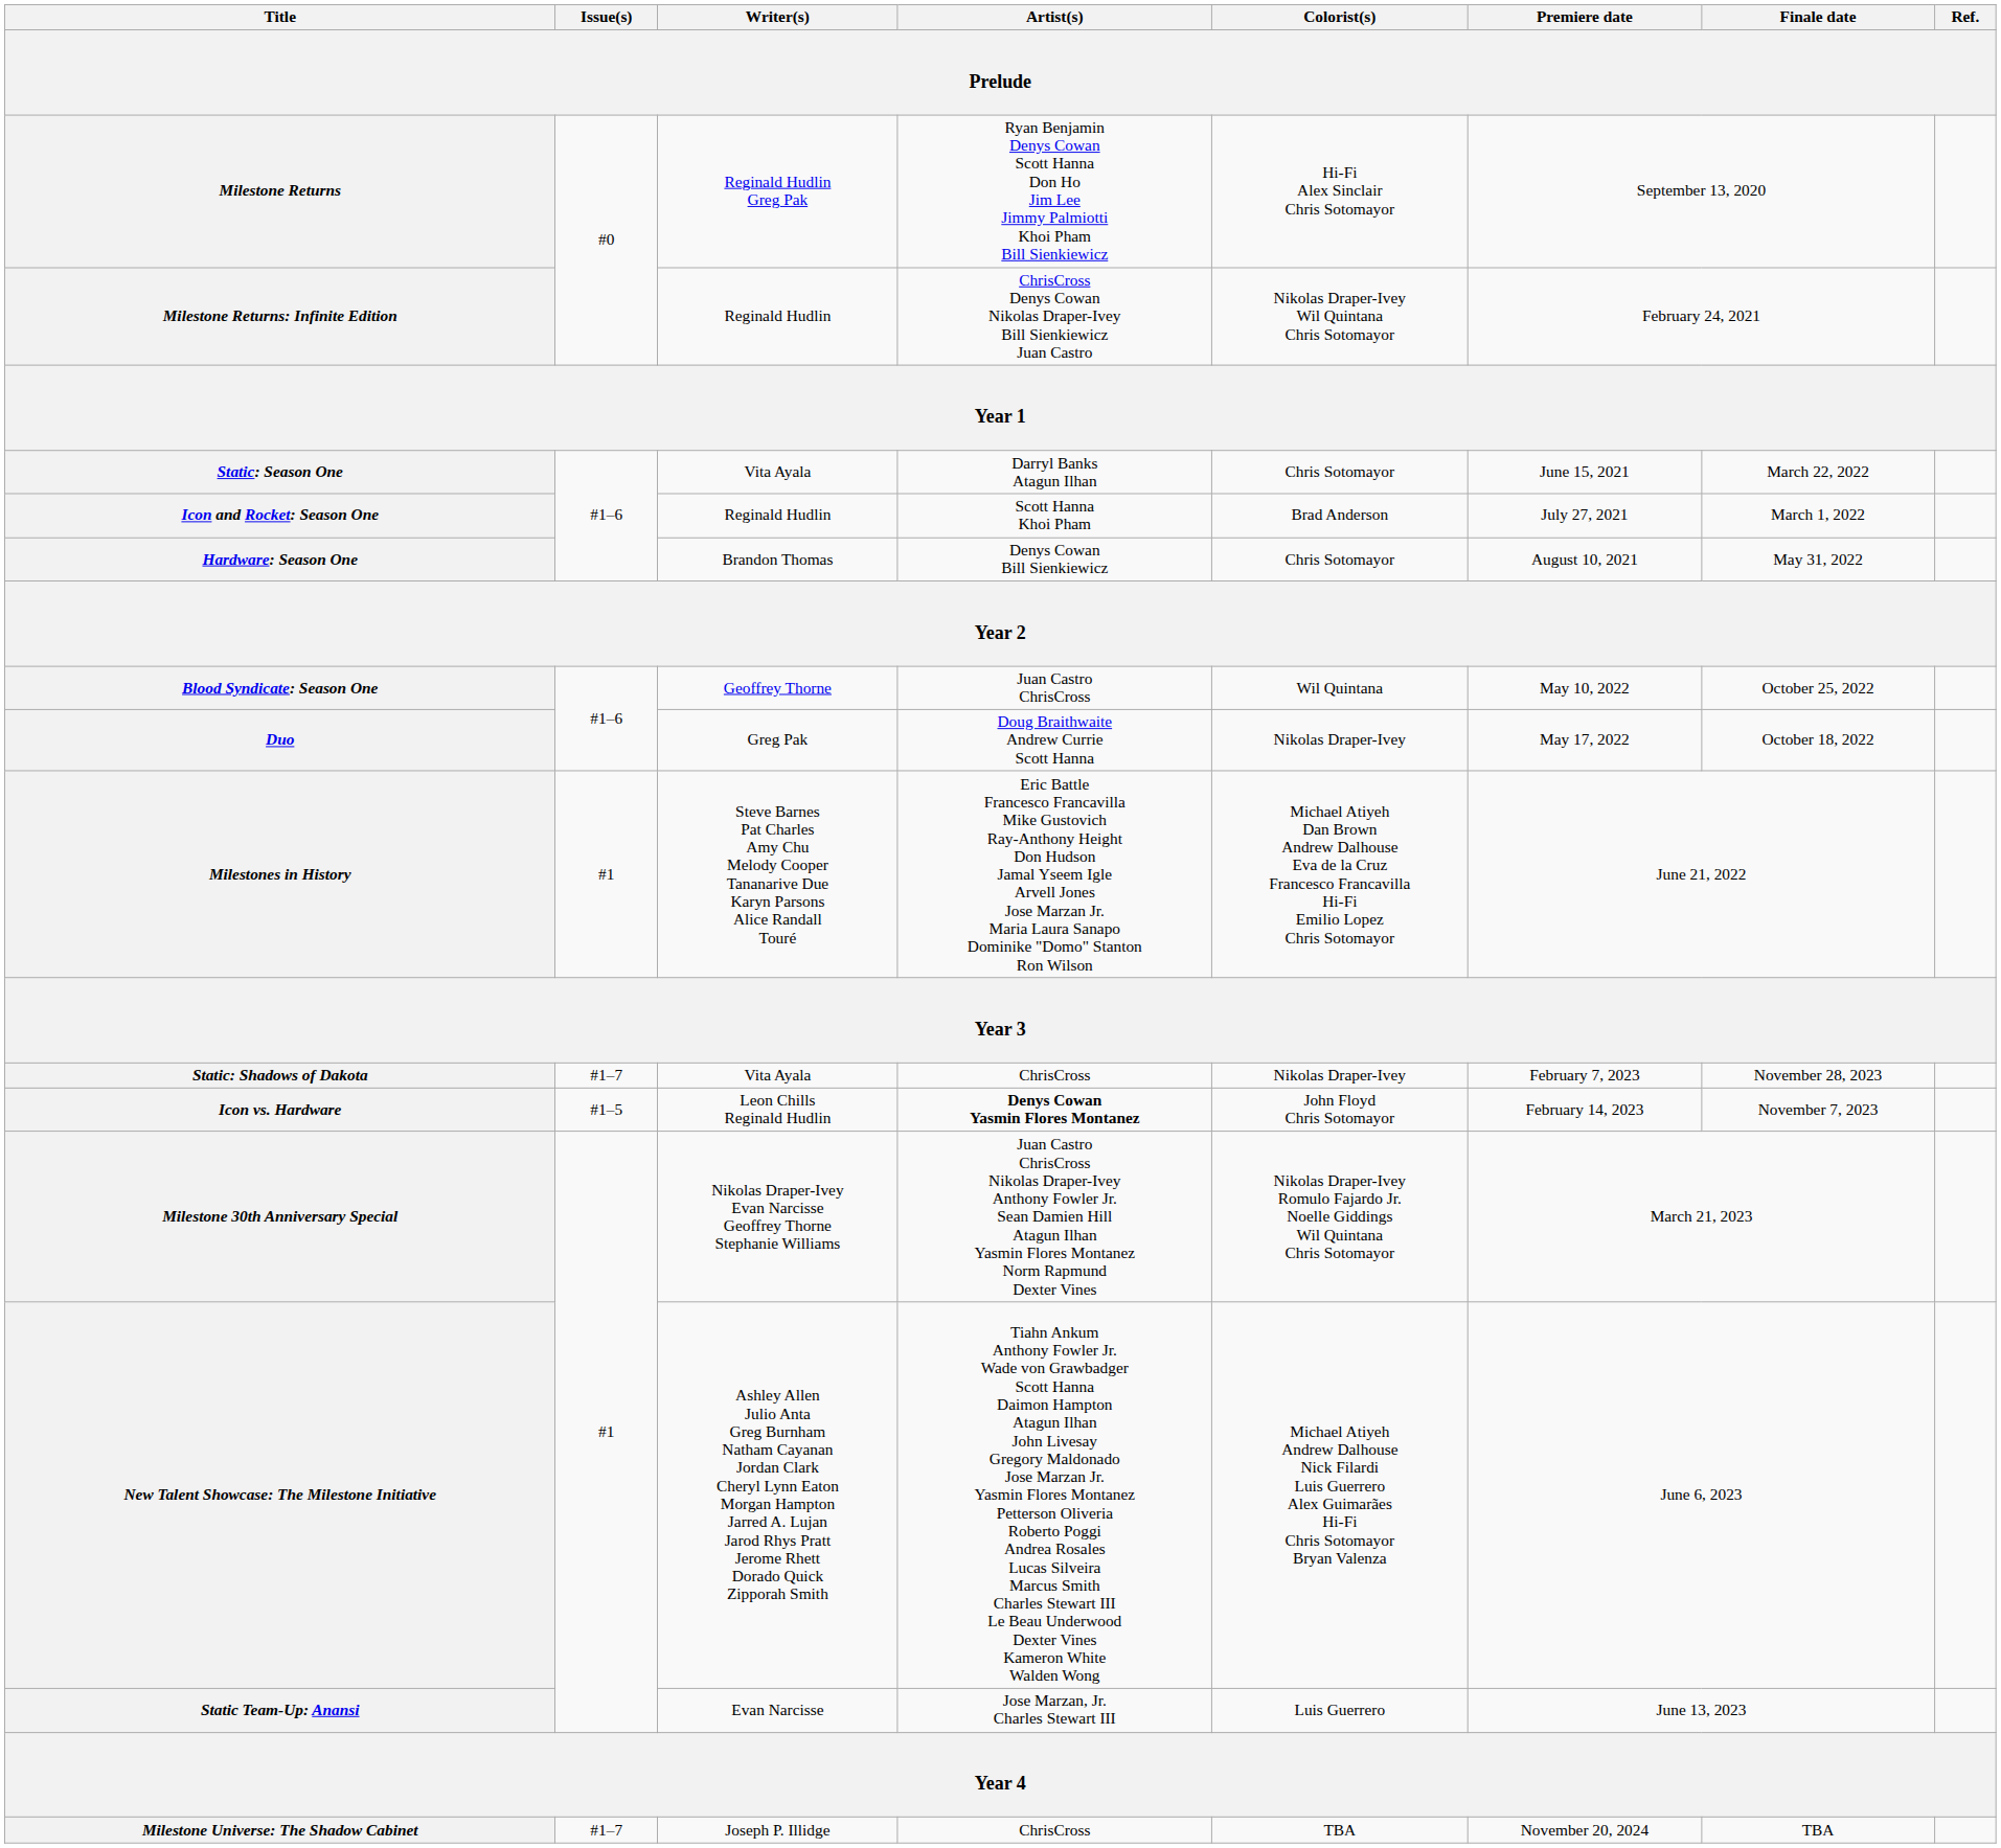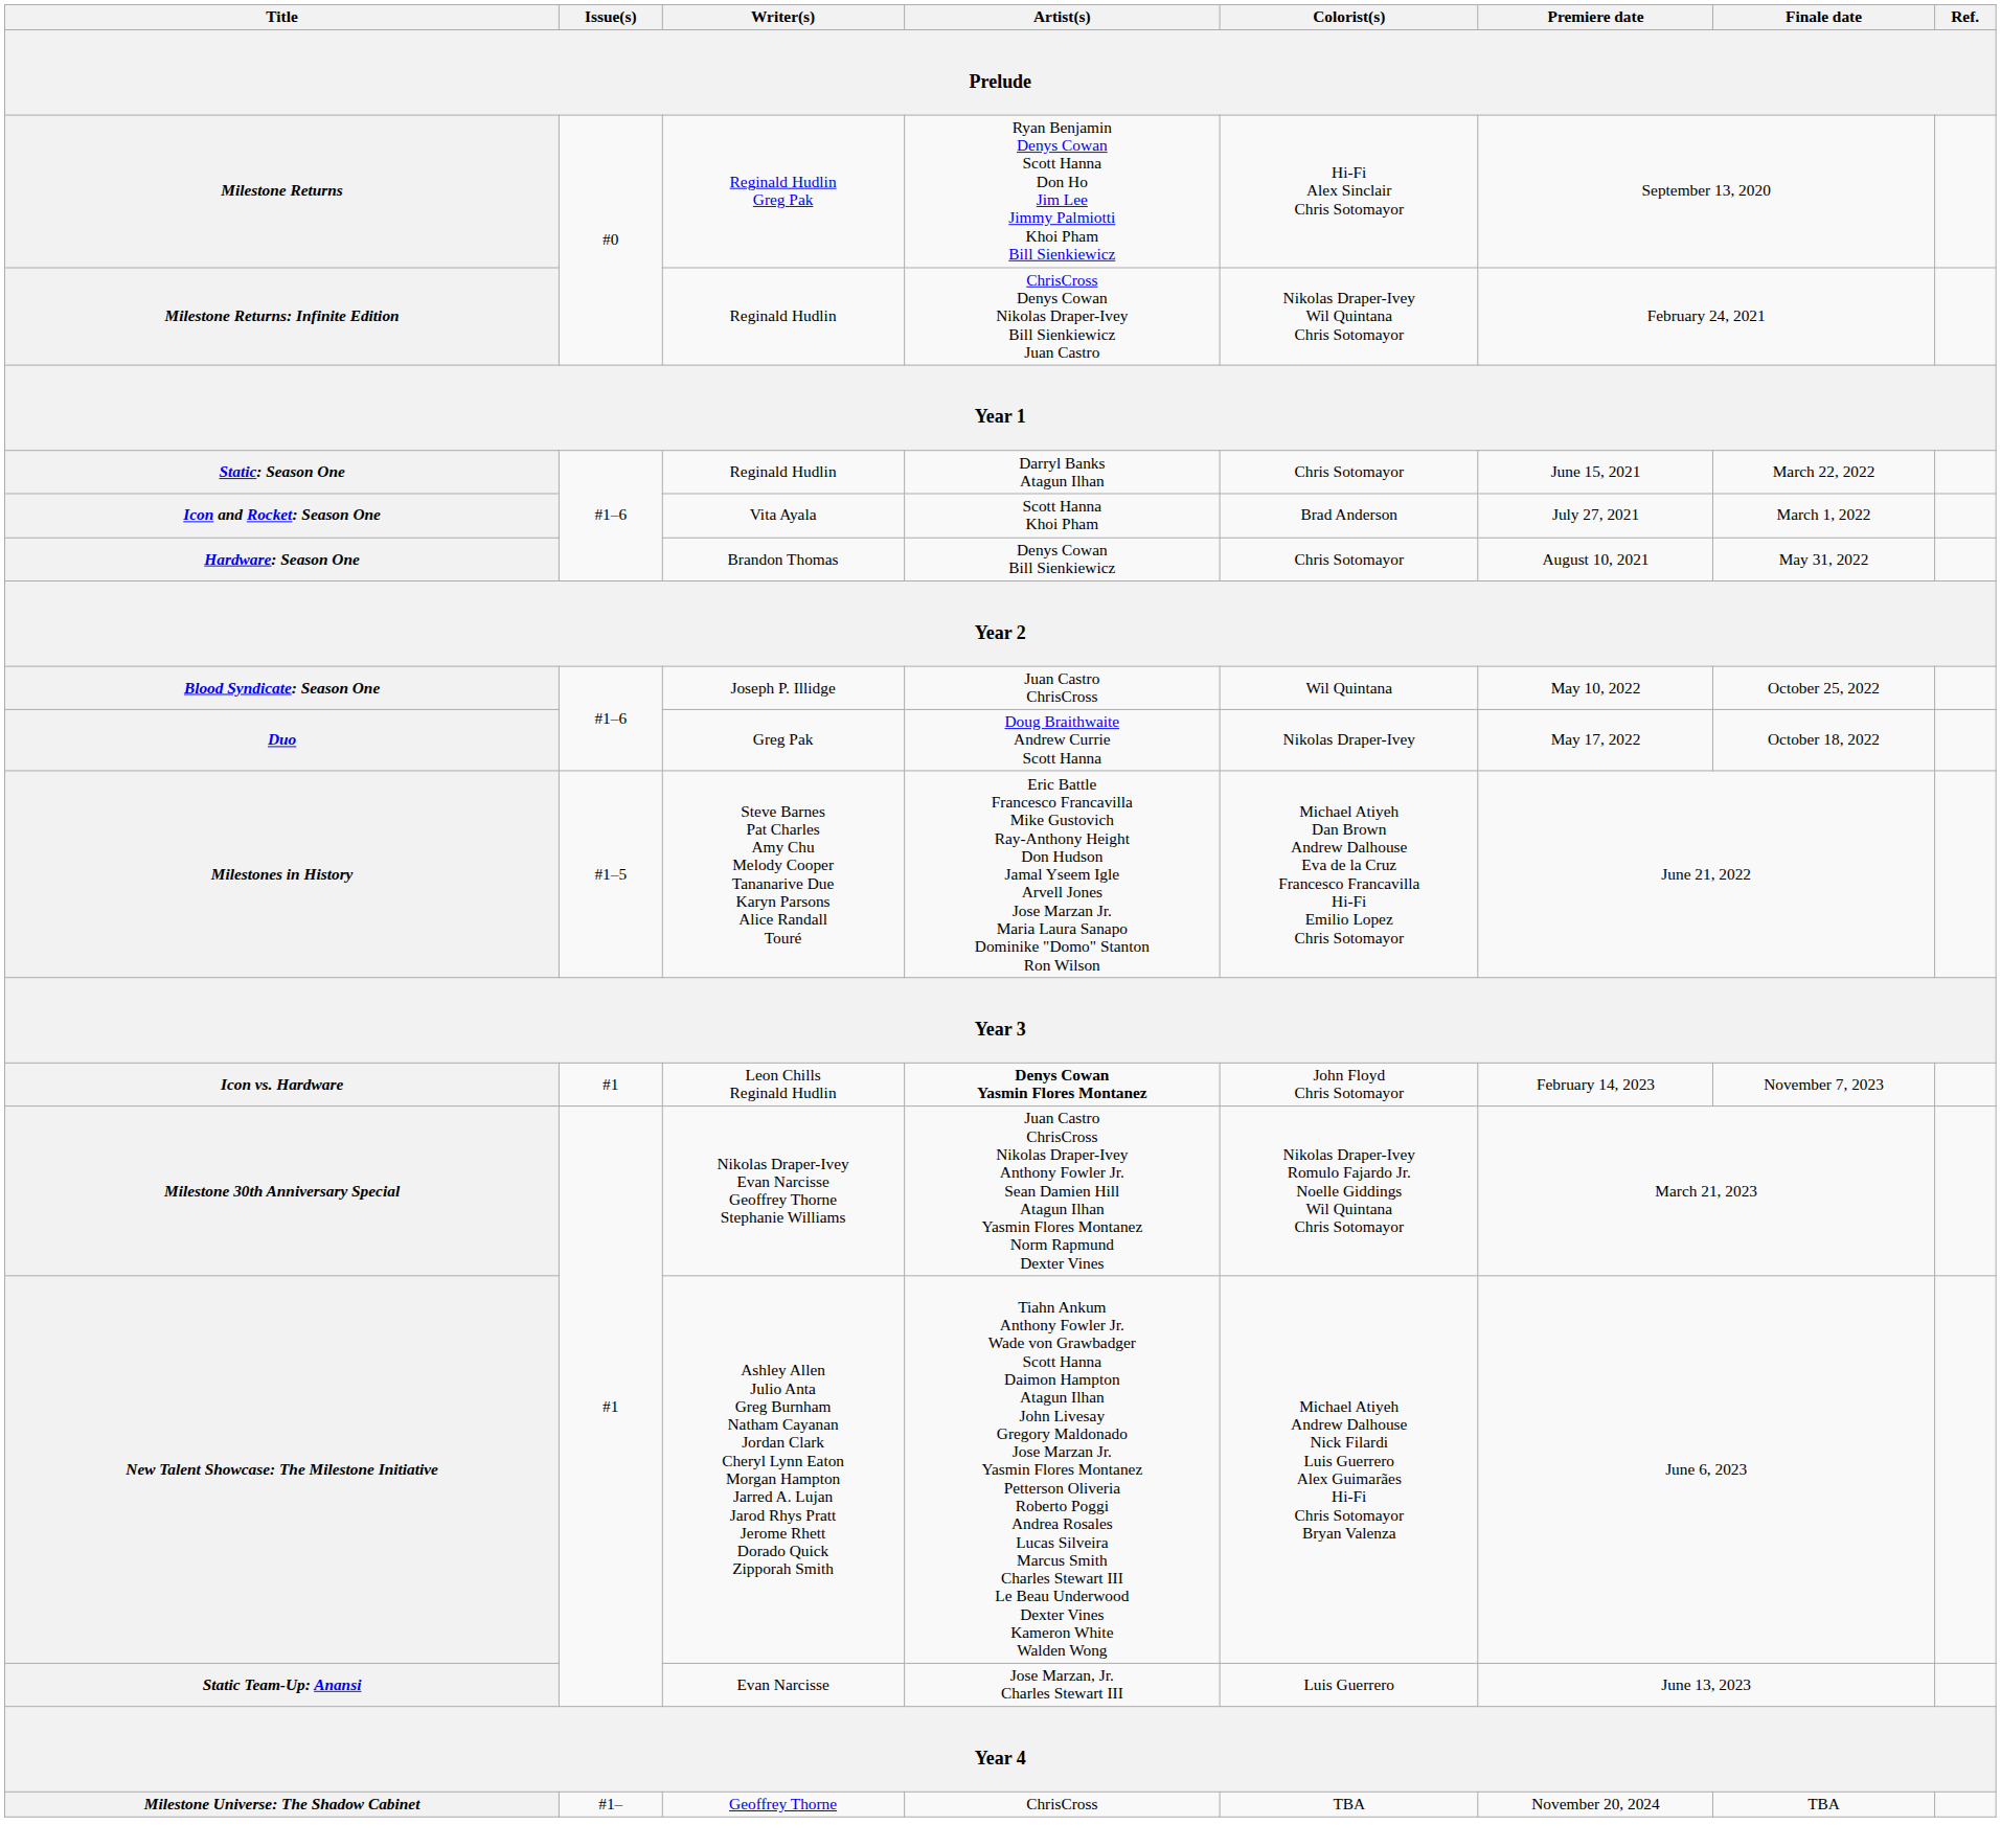 <table class="wikitable" style="text-align:center; width:100%">
 <tr>
 <th>Title</th>
 <th>Issue(s)</th>
 <th>Writer(s)</th>
 <th>Artist(s)</th>
 <th>Colorist(s)</th>
 <th>Premiere date</th>
 <th>Finale date</th>
 <th>Ref.</th>
 </tr>
 <tr>
 <th colspan="8"><br><h3>Prelude</h3></th>
 </tr>
 <tr>
 <th><em>Milestone Returns</em></th>
 <td rowspan="2">#0</td>
 <td><a href='#'>Reginald Hudlin</a><br><a href='#'>Greg Pak</a></td>
 <td>Ryan Benjamin<br><a href='#'>Denys Cowan</a><br>Scott Hanna<br>Don Ho<br><a href='#'>Jim Lee</a><br><a href='#'>Jimmy Palmiotti</a><br>Khoi Pham<br><a href='#'>Bill Sienkiewicz</a></td>
 <td>Hi-Fi<br>Alex Sinclair<br>Chris Sotomayor</td>
 <td colspan="2">September 13, 2020</td>
 <td><em></em></td>
 </tr>
 <tr>
 <th><em>Milestone Returns: Infinite Edition</em></th>
 <td>Reginald Hudlin</td>
 <td><a href='#'>ChrisCross</a><br>Denys Cowan<br>Nikolas Draper-Ivey<br>Bill Sienkiewicz<br>Juan Castro</td>
 <td>Nikolas Draper-Ivey<br>Wil Quintana<br>Chris Sotomayor</td>
 <td colspan="2">February 24, 2021</td>
 <td></td>
 </tr>
 <tr>
 <th colspan="8"><br><h3>Year 1</h3></th>
 </tr>
 <tr>
 <th><em><a href='#'>Static</a>: Season One</em></th>
 <td rowspan="3">#1–6</td>
-<td>Vita Ayala</td>
+<td>Reginald Hudlin</td>
 <td>Darryl Banks<br>Atagun Ilhan</td>
 <td>Chris Sotomayor</td>
 <td>June 15, 2021</td>
 <td>March 22, 2022</td>
 <td><em></em></td>
 </tr>
 <tr>
 <th><em><a href='#'>Icon</a> and <a href='#'>Rocket</a>: Season One</em></th>
-<td>Reginald Hudlin</td>
+<td>Vita Ayala</td>
 <td>Scott Hanna<br>Khoi Pham</td>
 <td>Brad Anderson</td>
 <td>July 27, 2021</td>
 <td>March 1, 2022</td>
 <td><em></em></td>
 </tr>
 <tr>
 <th><em><a href='#'>Hardware</a>: Season One</em></th>
 <td>Brandon Thomas</td>
 <td>Denys Cowan<br>Bill Sienkiewicz</td>
 <td>Chris Sotomayor</td>
 <td>August 10, 2021</td>
 <td>May 31, 2022</td>
 <td><em></em></td>
 </tr>
 <tr>
 <th colspan="8"><br><h3>Year 2</h3></th>
 </tr>
 <tr>
 <th><em><a href='#'>Blood Syndicate</a>: Season One</em></th>
 <td rowspan="2">#1–6</td>
-<td><a href='#'>Geoffrey Thorne</a></td>
+<td>Joseph P. Illidge</td>
 <td>Juan Castro<br>ChrisCross</td>
 <td>Wil Quintana</td>
 <td>May 10, 2022</td>
 <td>October 25, 2022</td>
 <td><em></em></td>
 </tr>
 <tr>
 <th><a href='#'><em>Duo</em></a></th>
 <td>Greg Pak</td>
 <td><a href='#'>Doug Braithwaite</a><br>Andrew Currie<br>Scott Hanna</td>
 <td>Nikolas Draper-Ivey</td>
 <td>May 17, 2022</td>
 <td>October 18, 2022</td>
 <td></td>
 </tr>
 <tr>
 <th><em>Milestones in History</em></th>
-<td>#1</td>
+<td>#1–5</td>
 <td>Steve Barnes<br>Pat Charles<br>Amy Chu<br>Melody Cooper<br>Tananarive Due<br>Karyn Parsons<br>Alice Randall<br>Touré</td>
 <td>Eric Battle<br>Francesco Francavilla<br>Mike Gustovich<br>Ray-Anthony Height<br>Don Hudson<br>Jamal Yseem Igle<br>Arvell Jones<br>Jose Marzan Jr.<br>Maria Laura Sanapo<br>Dominike "Domo" Stanton<br>Ron Wilson</td>
 <td>Michael Atiyeh<br>Dan Brown<br>Andrew Dalhouse<br>Eva de la Cruz<br>Francesco Francavilla<br>Hi-Fi<br>Emilio Lopez<br>Chris Sotomayor</td>
 <td colspan="2">June 21, 2022</td>
 <td></td>
 </tr>
 <tr>
 <th colspan="8"><br><h3>Year 3</h3></th>
 </tr>
 <tr>
-<th><em>Static: Shadows of Dakota</em></th>
-<td>#1–7</td>
-<td>Vita Ayala</td>
-<td>ChrisCross</td>
-<td>Nikolas Draper-Ivey</td>
-<td>February 7, 2023</td>
-<td>November 28, 2023</td>
-<td></td>
-</tr>
-<tr>
 <th><em>Icon vs. Hardware</em></th>
-<td>#1–5</td>
+<td>#1</td>
 <td>Leon Chills<br>Reginald Hudlin</td>
 <td><strong>Denys Cowan<br>Yasmin Flores Montanez</strong></td>
 <td>John Floyd<br>Chris Sotomayor</td>
 <td>February 14, 2023</td>
 <td>November 7, 2023</td>
 <td></td>
 </tr>
 <tr>
 <th><em>Milestone 30th Anniversary Special</em></th>
 <td rowspan="3">#1</td>
 <td>Nikolas Draper-Ivey<br>Evan Narcisse<br>Geoffrey Thorne<br>Stephanie Williams</td>
 <td>Juan Castro<br>ChrisCross<br>Nikolas Draper-Ivey<br>Anthony Fowler Jr.<br>Sean Damien Hill<br>Atagun Ilhan<br>Yasmin Flores Montanez<br>Norm Rapmund<br>Dexter Vines</td>
 <td>Nikolas Draper-Ivey<br>Romulo Fajardo Jr.<br>Noelle Giddings<br>Wil Quintana<br>Chris Sotomayor</td>
 <td colspan="2">March 21, 2023</td>
 <td><em></em></td>
 </tr>
 <tr>
 <th><em>New Talent Showcase: The Milestone Initiative</em></th>
 <td>Ashley Allen<br>Julio Anta<br>Greg Burnham<br>Natham Cayanan<br>Jordan Clark<br>Cheryl Lynn Eaton<br>Morgan Hampton<br>Jarred A. Lujan<br>Jarod Rhys Pratt<br>Jerome Rhett<br>Dorado Quick<br>Zipporah Smith</td>
 <td><br>Tiahn Ankum<br>Anthony Fowler Jr.<br>Wade von Grawbadger<br>Scott Hanna<br>Daimon Hampton<br>Atagun Ilhan<br>John Livesay<br>Gregory Maldonado<br>Jose Marzan Jr.<br>Yasmin Flores Montanez<br>Petterson Oliveria<br>Roberto Poggi<br>Andrea Rosales<br>Lucas Silveira<br>Marcus Smith<br>Charles Stewart III<br>Le Beau Underwood<br>Dexter Vines<br>Kameron White<br>Walden Wong</td>
 <td>Michael Atiyeh<br>Andrew Dalhouse<br>Nick Filardi<br>Luis Guerrero<br>Alex Guimarães<br>Hi-Fi<br>Chris Sotomayor<br>Bryan Valenza</td>
 <td colspan="2">June 6, 2023</td>
 <td></td>
 </tr>
 <tr>
 <th><em>Static Team-Up: <a href='#'>Anansi</a></em></th>
 <td>Evan Narcisse</td>
 <td>Jose Marzan, Jr.<br>Charles Stewart III</td>
 <td>Luis Guerrero</td>
 <td colspan="2">June 13, 2023</td>
 <td></td>
 </tr>
 <tr>
 <th colspan="8"><br><h3>Year 4</h3></th>
 </tr>
 <tr>
 <th><em>Milestone Universe: The Shadow Cabinet</em></th>
-<td>#1–7</td>
-<td>Joseph P. Illidge</td>
+<td>#1–</td>
+<td><a href='#'>Geoffrey Thorne</a></td>
 <td>ChrisCross</td>
 <td>TBA</td>
 <td>November 20, 2024</td>
 <td>TBA</td>
 <td></td>
 </tr>
 </table>
